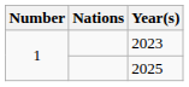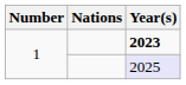 <table class="wikitable">
 <tr>
 <th>Number</th>
 <th>Nations</th>
 <th>Year(s)</th>
 </tr>
 <tr>
 <td style="text-align:center;" rowspan=2>1</td>
 <td></td>
-<td>2023</td>
+<td><strong>2023</strong></td>
 </tr>
 <tr>
 <td></td>
-<td>2025</td>
+<td style="background: lavender;">2025</td>
 </tr>
 </table>
